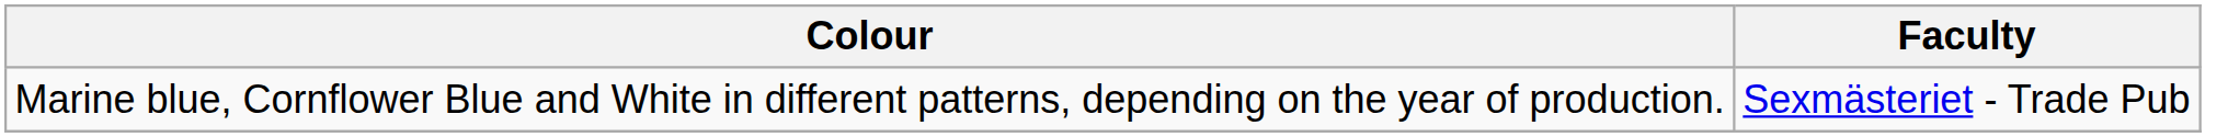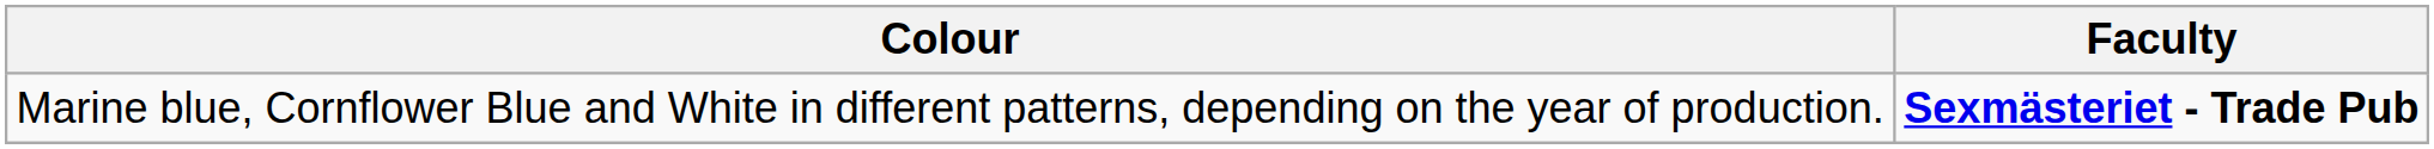 <table class=wikitable>
 <tr>
 <th>Colour</th>
 <th>Faculty</th>
 </tr>
 <tr>
 <td>Marine blue, Cornflower Blue and White in different patterns, depending on the year of production.</td>
-<td><a href='#'>Sexmästeriet</a> - Trade Pub</td>
+<td><strong><a href='#'>Sexmästeriet</a> - Trade Pub</strong></td>
 </tr>
 <tr>
 </tr>
 </table>
